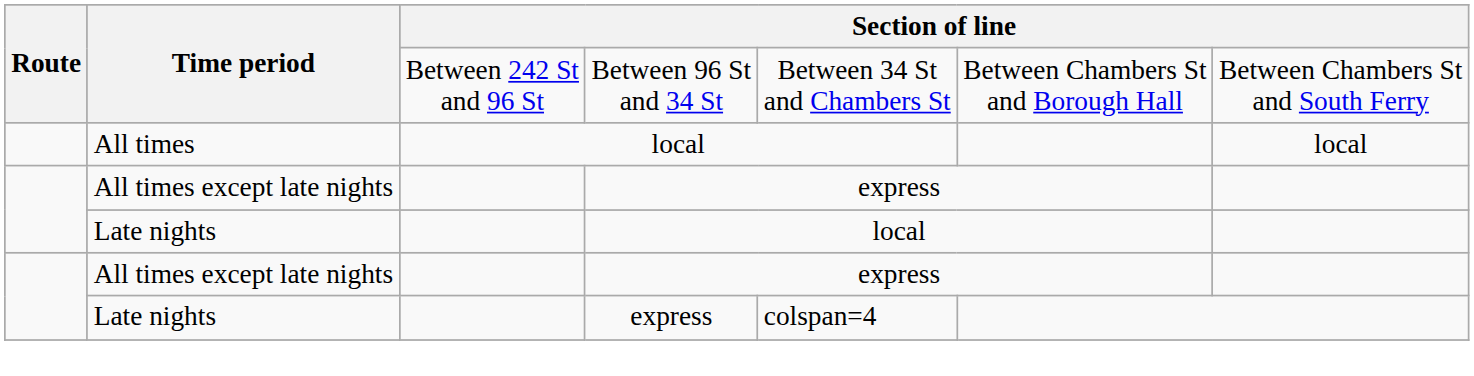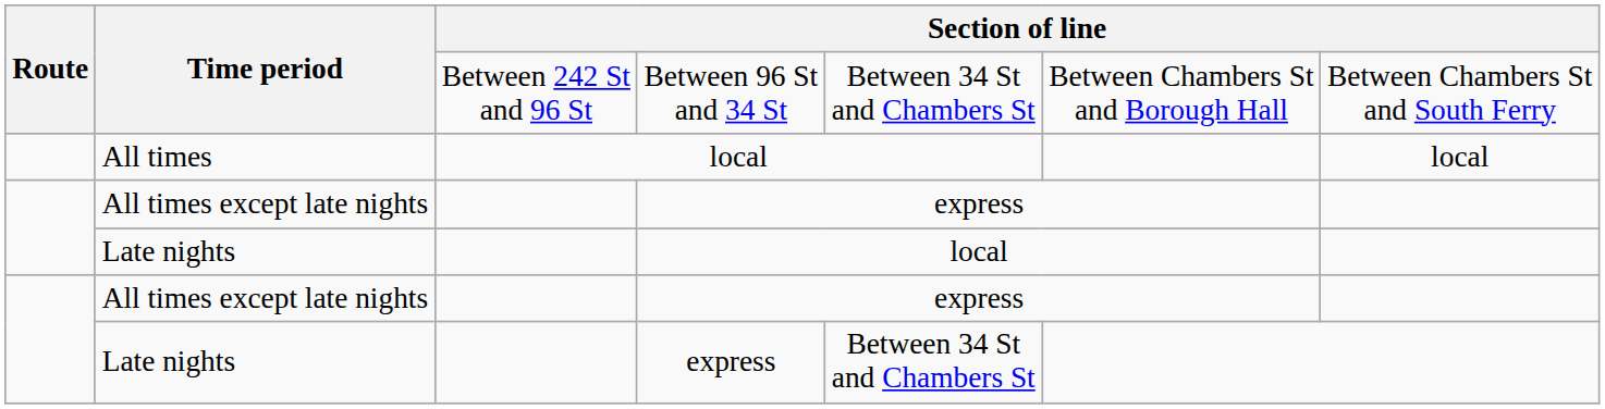 <table class="wikitable">
 <tr>
 <th rowspan=2>Route</th>
 <th rowspan=2>Time period</th>
 <th colspan="5">Section of line</th>
 </tr>
 <tr>
 <td align=center>Between <a href='#'>242 St</a><br>and <a href='#'>96 St</a></td>
 <td align=center>Between 96 St<br>and <a href='#'>34 St</a></td>
 <td align=center>Between 34 St<br>and <a href='#'>Chambers St</a></td>
 <td align=center>Between Chambers St<br>and <a href='#'>Borough Hall</a></td>
 <td align=center>Between Chambers St<br>and <a href='#'>South Ferry</a></td>
 </tr>
 <tr>
 <td></td>
 <td>All times</td>
 <td colspan="3" align="center">local</td>
 <td></td>
 <td align=center>local</td>
 </tr>
 <tr>
 <td rowspan="2"></td>
 <td>All times except late nights</td>
 <td></td>
 <td colspan="3" align="center">express</td>
 <td></td>
 </tr>
 <tr>
 <td>Late nights</td>
 <td></td>
 <td colspan="3" align="center">local</td>
 <td></td>
 </tr>
 <tr>
 <td rowspan="2"></td>
 <td>All times except late nights</td>
 <td></td>
 <td colspan="3" align="center">express</td>
 <td></td>
 </tr>
 <tr>
 <td>Late nights</td>
 <td></td>
 <td align="center">express</td>
-<td>colspan=4 </td>
+<td align=center>Between 34 St<br>and <a href='#'>Chambers St</a></td>
 </tr>
 </table>
